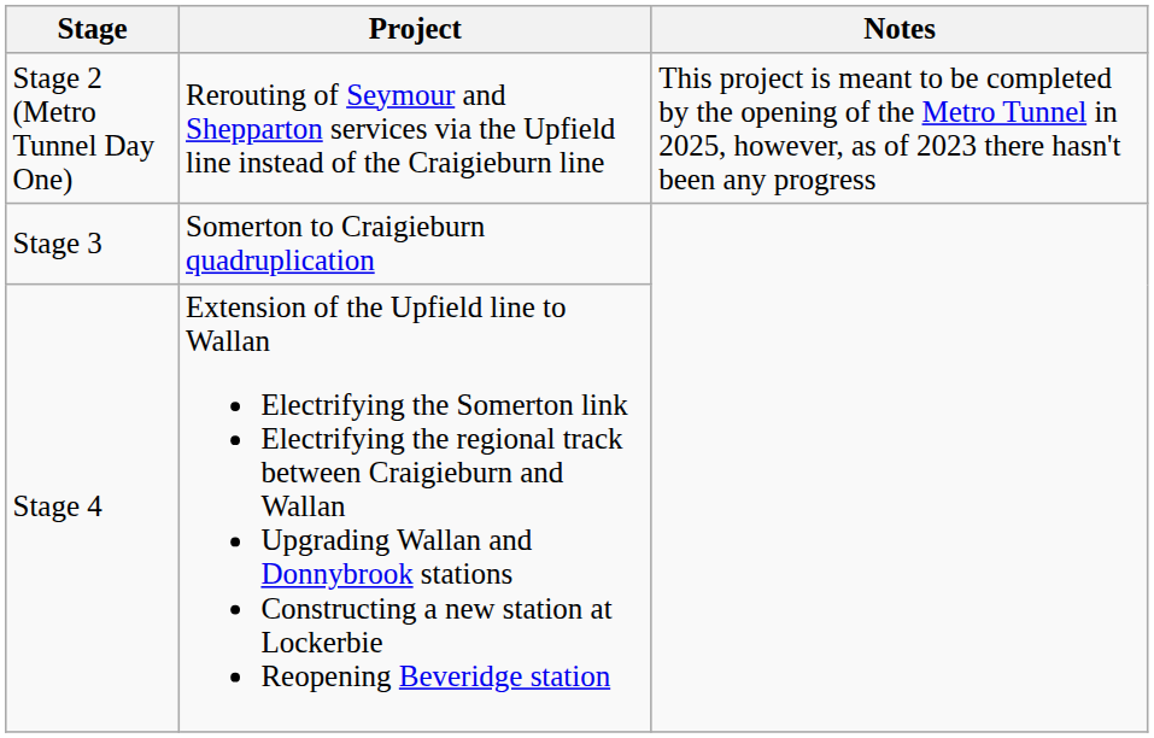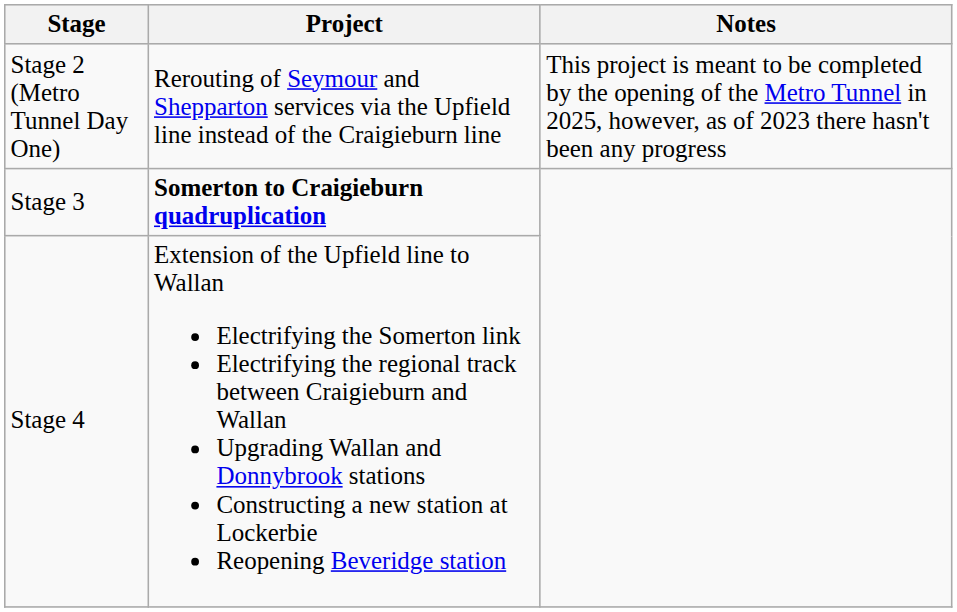 <table class="wikitable">
 <tr>
 <th>Stage</th>
 <th>Project</th>
 <th>Notes</th>
 </tr>
 <tr>
 <td>Stage 2 (Metro Tunnel Day One)</td>
 <td>Rerouting of <a href='#'>Seymour</a> and <a href='#'>Shepparton</a> services via the Upfield line instead of the Craigieburn line</td>
 <td>This project is meant to be completed by the opening of the <a href='#'>Metro Tunnel</a> in 2025, however, as of 2023 there hasn't been any progress</td>
 </tr>
 <tr>
 <td>Stage 3</td>
-<td>Somerton to Craigieburn <a href='#'>quadruplication</a></td>
+<td><strong>Somerton to Craigieburn <a href='#'>quadruplication</a></strong></td>
 <td rowspan="2"></td>
 </tr>
 <tr>
 <td>Stage 4</td>
 <td>Extension of the Upfield line to Wallan<br><ul><li>Electrifying the Somerton link</li><li>Electrifying the regional track between Craigieburn and Wallan</li><li>Upgrading Wallan and <a href='#'>Donnybrook</a> stations</li><li>Constructing a new station at Lockerbie</li><li>Reopening <a href='#'>Beveridge station</a></li></ul></td>
 </tr>
 </table>
